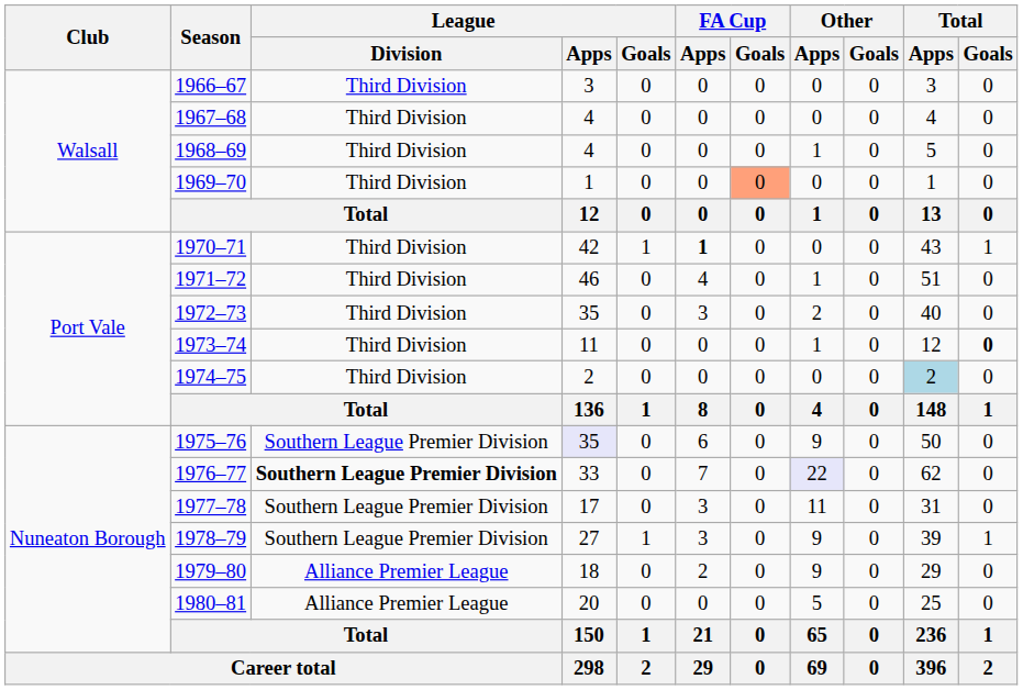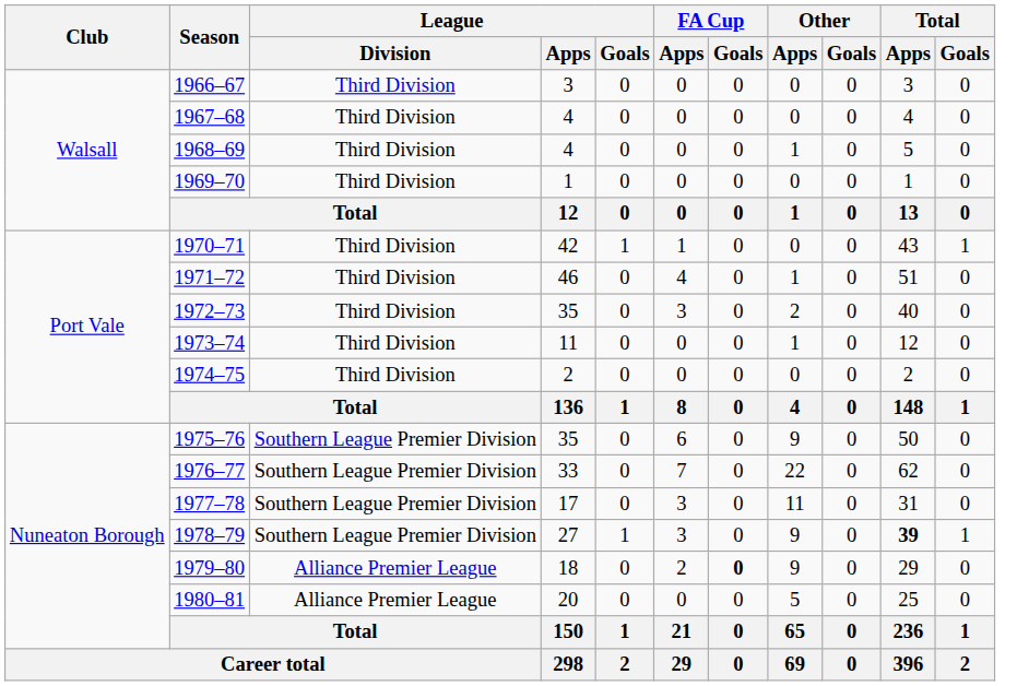 <table class="wikitable" style="text-align: center;">
 <tr>
 <th rowspan="2">Club</th>
 <th rowspan="2">Season</th>
 <th colspan="3">League</th>
 <th colspan="2"><a href='#'>FA Cup</a></th>
 <th colspan="2">Other</th>
 <th colspan="2">Total</th>
 </tr>
 <tr>
 <th>Division</th>
 <th>Apps</th>
 <th>Goals</th>
 <th>Apps</th>
 <th>Goals</th>
 <th>Apps</th>
 <th>Goals</th>
 <th>Apps</th>
 <th>Goals</th>
 </tr>
 <tr>
 <td rowspan="5"><a href='#'>Walsall</a></td>
 <td><a href='#'>1966–67</a></td>
 <td><a href='#'>Third Division</a></td>
 <td>3</td>
 <td>0</td>
 <td>0</td>
 <td>0</td>
 <td>0</td>
 <td>0</td>
 <td>3</td>
 <td>0</td>
 </tr>
 <tr>
 <td><a href='#'>1967–68</a></td>
 <td>Third Division</td>
 <td>4</td>
 <td>0</td>
 <td>0</td>
 <td>0</td>
 <td>0</td>
 <td>0</td>
 <td>4</td>
 <td>0</td>
 </tr>
 <tr>
 <td><a href='#'>1968–69</a></td>
 <td>Third Division</td>
 <td>4</td>
 <td>0</td>
 <td>0</td>
 <td>0</td>
 <td>1</td>
 <td>0</td>
 <td>5</td>
 <td>0</td>
 </tr>
 <tr>
 <td><a href='#'>1969–70</a></td>
 <td>Third Division</td>
 <td>1</td>
 <td>0</td>
 <td>0</td>
-<td style="background: lightsalmon;">0</td>
+<td>0</td>
 <td>0</td>
 <td>0</td>
 <td>1</td>
 <td>0</td>
 </tr>
 <tr>
 <th colspan="2">Total</th>
 <th>12</th>
 <th>0</th>
 <th>0</th>
 <th>0</th>
 <th>1</th>
 <th>0</th>
 <th>13</th>
 <th>0</th>
 </tr>
 <tr>
 <td rowspan="6"><a href='#'>Port Vale</a></td>
 <td><a href='#'>1970–71</a></td>
 <td>Third Division</td>
 <td>42</td>
 <td>1</td>
-<td><strong>1</strong></td>
+<td>1</td>
 <td>0</td>
 <td>0</td>
 <td>0</td>
 <td>43</td>
 <td>1</td>
 </tr>
 <tr>
 <td><a href='#'>1971–72</a></td>
 <td>Third Division</td>
 <td>46</td>
 <td>0</td>
 <td>4</td>
 <td>0</td>
 <td>1</td>
 <td>0</td>
 <td>51</td>
 <td>0</td>
 </tr>
 <tr>
 <td><a href='#'>1972–73</a></td>
 <td>Third Division</td>
 <td>35</td>
 <td>0</td>
 <td>3</td>
 <td>0</td>
 <td>2</td>
 <td>0</td>
 <td>40</td>
 <td>0</td>
 </tr>
 <tr>
 <td><a href='#'>1973–74</a></td>
 <td>Third Division</td>
 <td>11</td>
 <td>0</td>
 <td>0</td>
 <td>0</td>
 <td>1</td>
 <td>0</td>
 <td>12</td>
-<td><strong>0</strong></td>
+<td>0</td>
 </tr>
 <tr>
 <td><a href='#'>1974–75</a></td>
 <td>Third Division</td>
 <td>2</td>
 <td>0</td>
 <td>0</td>
 <td>0</td>
 <td>0</td>
 <td>0</td>
-<td style="background: lightblue;">2</td>
+<td>2</td>
 <td>0</td>
 </tr>
 <tr>
 <th colspan="2">Total</th>
 <th>136</th>
 <th>1</th>
 <th>8</th>
 <th>0</th>
 <th>4</th>
 <th>0</th>
 <th>148</th>
 <th>1</th>
 </tr>
 <tr>
 <td rowspan="7"><a href='#'>Nuneaton Borough</a></td>
 <td><a href='#'>1975–76</a></td>
 <td><a href='#'>Southern League</a> Premier Division</td>
-<td style="background: lavender;">35</td>
+<td>35</td>
 <td>0</td>
 <td>6</td>
 <td>0</td>
 <td>9</td>
 <td>0</td>
 <td>50</td>
 <td>0</td>
 </tr>
 <tr>
 <td><a href='#'>1976–77</a></td>
-<td><strong>Southern League Premier Division</strong></td>
+<td>Southern League Premier Division</td>
 <td>33</td>
 <td>0</td>
 <td>7</td>
 <td>0</td>
-<td style="background: lavender;">22</td>
+<td>22</td>
 <td>0</td>
 <td>62</td>
 <td>0</td>
 </tr>
 <tr>
 <td><a href='#'>1977–78</a></td>
 <td>Southern League Premier Division</td>
 <td>17</td>
 <td>0</td>
 <td>3</td>
 <td>0</td>
 <td>11</td>
 <td>0</td>
 <td>31</td>
 <td>0</td>
 </tr>
 <tr>
 <td><a href='#'>1978–79</a></td>
 <td>Southern League Premier Division</td>
 <td>27</td>
 <td>1</td>
 <td>3</td>
 <td>0</td>
 <td>9</td>
 <td>0</td>
-<td>39</td>
+<td><strong>39</strong></td>
 <td>1</td>
 </tr>
 <tr>
 <td><a href='#'>1979–80</a></td>
 <td><a href='#'>Alliance Premier League</a></td>
 <td>18</td>
 <td>0</td>
 <td>2</td>
-<td>0</td>
+<td><strong>0</strong></td>
 <td>9</td>
 <td>0</td>
 <td>29</td>
 <td>0</td>
 </tr>
 <tr>
 <td><a href='#'>1980–81</a></td>
 <td>Alliance Premier League</td>
 <td>20</td>
 <td>0</td>
 <td>0</td>
 <td>0</td>
 <td>5</td>
 <td>0</td>
 <td>25</td>
 <td>0</td>
 </tr>
 <tr>
 <th colspan="2">Total</th>
 <th>150</th>
 <th>1</th>
 <th>21</th>
 <th>0</th>
 <th>65</th>
 <th>0</th>
 <th>236</th>
 <th>1</th>
 </tr>
 <tr>
 <th colspan="3">Career total</th>
 <th>298</th>
 <th>2</th>
 <th>29</th>
 <th>0</th>
 <th>69</th>
 <th>0</th>
 <th>396</th>
 <th>2</th>
 </tr>
 </table>
